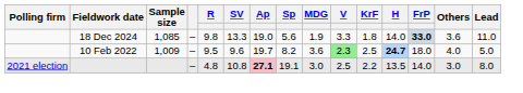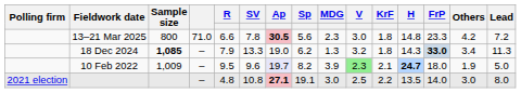 <table class="wikitable sortable mw-datatable" style="text-align:center;font-size:90%;line-height:14px;">
 <tr>
 <th rowspan="2">Polling firm</th>
 <th rowspan="2">Fieldwork date</th>
 <th rowspan="2">Sample<br>size</th>
 <th rowspan="2"></th>
 <th class="unsortable" style="width:30px;"><a href='#'>R</a></th>
 <th class="unsortable" style="width:30px;"><a href='#'>SV</a></th>
 <th class="unsortable" style="width:30px;"><a href='#'>Ap</a></th>
 <th class="unsortable" style="width:30px;"><a href='#'>Sp</a></th>
 <th class="unsortable" style="width:30px;"><a href='#'>MDG</a></th>
 <th class="unsortable" style="width:30px;"><a href='#'>V</a></th>
 <th class="unsortable" style="width:30px;"><a href='#'>KrF</a></th>
 <th class="unsortable" style="width:30px;"><a href='#'>H</a></th>
 <th class="unsortable" style="width:30px;"><a href='#'>FrP</a></th>
 <th rowspan="2" class="unsortable" style="width:30px;">Others</th>
 <th rowspan="2">Lead</th>
 </tr>
 <tr>
 <th style="background:"></th>
 <th style="background:"></th>
 <th style="background:"></th>
 <th style="background:"></th>
 <th style="background:"></th>
 <th style="background:"></th>
 <th style="background:"></th>
 <th style="background:"></th>
 <th style="background:"></th>
 </tr>
 <tr>
 <td></td>
+<td>13–21 Mar 2025</td>
+<td>800</td>
+<td>71.0</td>
+<td>6.6</td>
+<td>7.8</td>
+<td style="background:#F7BDC5;"><strong>30.5</strong></td>
+<td>5.6</td>
+<td>2.3</td>
+<td>3.0</td>
+<td>1.8</td>
+<td>14.8</td>
+<td>23.3</td>
+<td>4.2</td>
+<td style="background:">7.2</td>
+</tr>
+<tr>
+<td></td>
 <td>18 Dec 2024</td>
-<td>1,085</td>
+<td><strong>1,085</strong></td>
 <td>–</td>
-<td>9.8</td>
+<td>7.9</td>
 <td>13.3</td>
 <td>19.0</td>
-<td>5.6</td>
-<td>1.9</td>
-<td>3.3</td>
+<td>6.2</td>
+<td>1.3</td>
+<td>3.2</td>
 <td>1.8</td>
-<td>14.0</td>
+<td>14.3</td>
 <td style="background:#ccdae8;"><strong>33.0</strong></td>
-<td>3.6</td>
-<td style="background:">11.0</td>
+<td>3.4</td>
+<td style="background:">11.3</td>
 </tr>
 <tr>
 <td></td>
 <td>10 Feb 2022</td>
 <td>1,009</td>
 <td>–</td>
 <td>9.5</td>
 <td>9.6</td>
-<td>19.7</td>
+<td style="background: lavender;">19.7</td>
 <td>8.2</td>
-<td>3.6</td>
+<td>3.9</td>
 <td style="background: lightgreen;">2.3</td>
-<td>2.5</td>
+<td>2.1</td>
 <td style="background:#B5D5FF;"><strong>24.7</strong></td>
 <td>18.0</td>
-<td>4.0</td>
+<td>1.9</td>
 <td style="background:">5.0</td>
 </tr>
 <tr style="background:#E9E9E9;">
 <td><a href='#'>2021 election</a></td>
 <td></td>
 <td></td>
 <td>–</td>
 <td>4.8</td>
 <td>10.8</td>
 <td style="background:#F7BDC5;"><strong>27.1</strong></td>
 <td>19.1</td>
 <td>3.0</td>
 <td>2.5</td>
 <td>2.2</td>
 <td>13.5</td>
 <td>14.0</td>
 <td>3.0</td>
 <td style="background:">8.0</td>
 </tr>
 </table>
